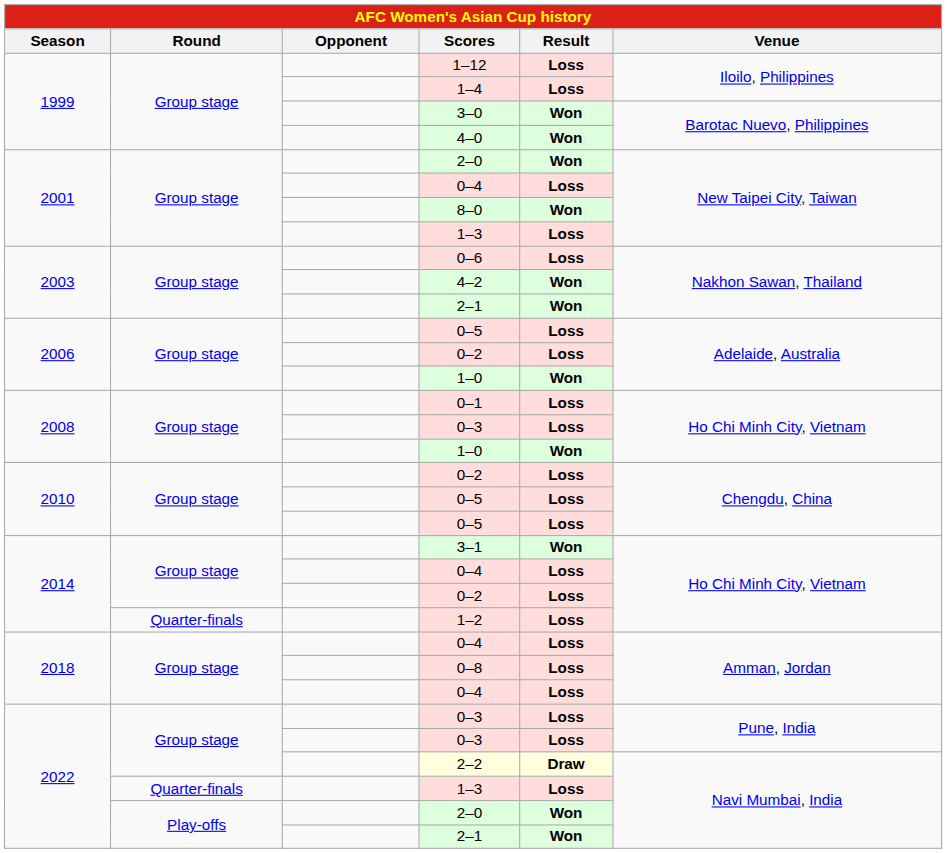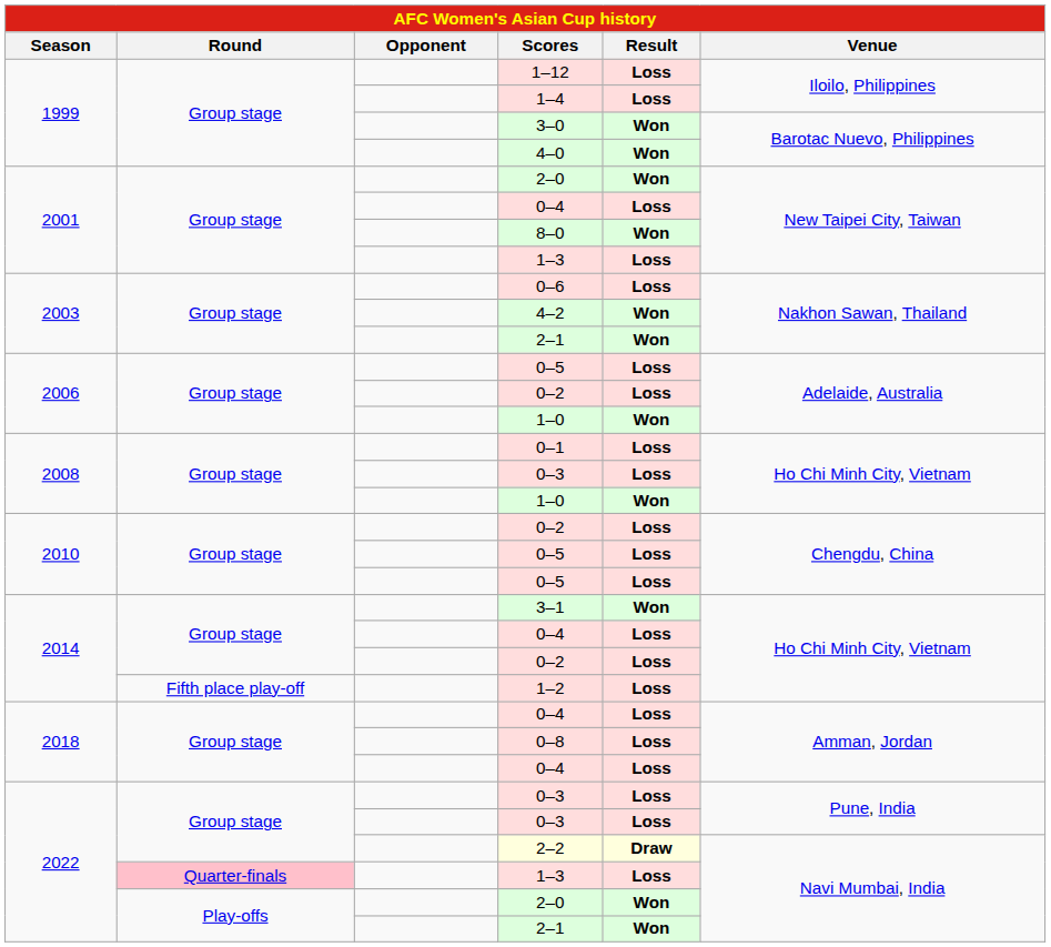 <table class="wikitable collapsible collapsed" style="text-align:center; font-size:90%; width:70%;">
 <tr>
 <th colspan="6" style="background: #DB2017; color: #FFFF00;">AFC Women's Asian Cup history</th>
 </tr>
 <tr>
 <th>Season</th>
 <th>Round</th>
 <th>Opponent</th>
 <th>Scores</th>
 <th>Result</th>
 <th>Venue</th>
 </tr>
 <tr>
 <td rowspan=4><a href='#'>1999</a></td>
 <td rowspan=4><a href='#'>Group stage</a></td>
 <td style="text-align:left"></td>
 <td style="background:#fdd;">1–12</td>
 <td style="background:#fdd;"><strong>Loss</strong></td>
 <td rowspan=2> <a href='#'>Iloilo</a>, <a href='#'>Philippines</a></td>
 </tr>
 <tr>
 <td style="text-align:left"></td>
 <td style="background:#fdd;">1–4</td>
 <td style="background:#fdd;"><strong>Loss</strong></td>
 </tr>
 <tr>
 <td style="text-align:left"></td>
 <td style="background:#dfd;">3–0</td>
 <td style="background:#dfd;"><strong>Won</strong></td>
 <td rowspan=2> <a href='#'>Barotac Nuevo</a>, <a href='#'>Philippines</a></td>
 </tr>
 <tr>
 <td style="text-align:left"></td>
 <td style="background:#dfd;">4–0</td>
 <td style="background:#dfd;"><strong>Won</strong></td>
 </tr>
 <tr>
 <td rowspan=4><a href='#'>2001</a></td>
 <td rowspan=4><a href='#'>Group stage</a></td>
 <td style="text-align:left"></td>
 <td style="background:#dfd;">2–0</td>
 <td style="background:#dfd;"><strong>Won</strong></td>
 <td rowspan=4> <a href='#'>New Taipei City</a>, <a href='#'>Taiwan</a></td>
 </tr>
 <tr>
 <td style="text-align:left"></td>
 <td style="background:#fdd;">0–4</td>
 <td style="background:#fdd;"><strong>Loss</strong></td>
 </tr>
 <tr>
 <td style="text-align:left"></td>
 <td style="background:#dfd;">8–0</td>
 <td style="background:#dfd;"><strong>Won</strong></td>
 </tr>
 <tr>
 <td style="text-align:left"></td>
 <td style="background:#fdd;">1–3</td>
 <td style="background:#fdd;"><strong>Loss</strong></td>
 </tr>
 <tr>
 <td rowspan=3><a href='#'>2003</a></td>
 <td rowspan=3><a href='#'>Group stage</a></td>
 <td style="text-align:left"></td>
 <td style="background:#fdd;">0–6</td>
 <td style="background:#fdd;"><strong>Loss</strong></td>
 <td rowspan=3> <a href='#'>Nakhon Sawan</a>, <a href='#'>Thailand</a></td>
 </tr>
 <tr>
 <td style="text-align:left"></td>
 <td style="background:#dfd;">4–2</td>
 <td style="background:#dfd;"><strong>Won</strong></td>
 </tr>
 <tr>
 <td style="text-align:left"></td>
 <td style="background:#dfd;">2–1</td>
 <td style="background:#dfd;"><strong>Won</strong></td>
 </tr>
 <tr>
 <td rowspan=3><a href='#'>2006</a></td>
 <td rowspan=3><a href='#'>Group stage</a></td>
 <td style="text-align:left"></td>
 <td style="background:#fdd;">0–5</td>
 <td style="background:#fdd;"><strong>Loss</strong></td>
 <td rowspan=3> <a href='#'>Adelaide</a>, <a href='#'>Australia</a></td>
 </tr>
 <tr>
 <td style="text-align:left"></td>
 <td style="background:#fdd;">0–2</td>
 <td style="background:#fdd;"><strong>Loss</strong></td>
 </tr>
 <tr>
 <td style="text-align:left"></td>
 <td style="background:#dfd;">1–0</td>
 <td style="background:#dfd;"><strong>Won</strong></td>
 </tr>
 <tr>
 <td rowspan=3><a href='#'>2008</a></td>
 <td rowspan=3><a href='#'>Group stage</a></td>
 <td style="text-align:left"></td>
 <td style="background:#fdd;">0–1</td>
 <td style="background:#fdd;"><strong>Loss</strong></td>
 <td rowspan=3> <a href='#'>Ho Chi Minh City</a>, <a href='#'>Vietnam</a></td>
 </tr>
 <tr>
 <td style="text-align:left"></td>
 <td style="background:#fdd;">0–3</td>
 <td style="background:#fdd;"><strong>Loss</strong></td>
 </tr>
 <tr>
 <td style="text-align:left"></td>
 <td style="background:#dfd;">1–0</td>
 <td style="background:#dfd;"><strong>Won</strong></td>
 </tr>
 <tr>
 <td rowspan=3><a href='#'>2010</a></td>
 <td rowspan=3><a href='#'>Group stage</a></td>
 <td style="text-align:left"></td>
 <td style="background:#fdd;">0–2</td>
 <td style="background:#fdd;"><strong>Loss</strong></td>
 <td rowspan=3> <a href='#'>Chengdu</a>, <a href='#'>China</a></td>
 </tr>
 <tr>
 <td style="text-align:left"></td>
 <td style="background:#fdd;">0–5</td>
 <td style="background:#fdd;"><strong>Loss</strong></td>
 </tr>
 <tr>
 <td style="text-align:left"></td>
 <td style="background:#fdd;">0–5</td>
 <td style="background:#fdd;"><strong>Loss</strong></td>
 </tr>
 <tr>
 <td rowspan=4><a href='#'>2014</a></td>
 <td rowspan=3><a href='#'>Group stage</a></td>
 <td style="text-align:left"></td>
 <td style="background:#dfd;">3–1</td>
 <td style="background:#dfd;"><strong>Won</strong></td>
 <td rowspan=4> <a href='#'>Ho Chi Minh City</a>, <a href='#'>Vietnam</a></td>
 </tr>
 <tr>
 <td style="text-align:left"></td>
 <td style="background:#fdd;">0–4</td>
 <td style="background:#fdd;"><strong>Loss</strong></td>
 </tr>
 <tr>
 <td style="text-align:left"></td>
 <td style="background:#fdd;">0–2</td>
 <td style="background:#fdd;"><strong>Loss</strong></td>
 </tr>
 <tr>
-<td rowspan=1><a href='#'>Quarter-finals</a></td>
+<td rowspan=1><a href='#'>Fifth place play-off</a></td>
 <td style="text-align:left"></td>
 <td style="background:#fdd;">1–2</td>
 <td style="background:#fdd;"><strong>Loss</strong></td>
 </tr>
 <tr>
 <td rowspan=3><a href='#'>2018</a></td>
 <td rowspan=3><a href='#'>Group stage</a></td>
 <td style="text-align:left"></td>
 <td style="background:#fdd;">0–4</td>
 <td style="background:#fdd;"><strong>Loss</strong></td>
 <td rowspan=3> <a href='#'>Amman</a>, <a href='#'>Jordan</a></td>
 </tr>
 <tr>
 <td style="text-align:left"></td>
 <td style="background:#fdd;">0–8</td>
 <td style="background:#fdd;"><strong>Loss</strong></td>
 </tr>
 <tr>
 <td style="text-align:left"></td>
 <td style="background:#fdd;">0–4</td>
 <td style="background:#fdd;"><strong>Loss</strong></td>
 </tr>
 <tr>
 <td rowspan=6><a href='#'>2022</a></td>
 <td rowspan=3><a href='#'>Group stage</a></td>
 <td style="text-align:left"></td>
 <td style="background:#fdd;">0–3</td>
 <td style="background:#fdd;"><strong>Loss</strong></td>
 <td rowspan=2> <a href='#'>Pune</a>, <a href='#'>India</a></td>
 </tr>
 <tr>
 <td style="text-align:left"></td>
 <td style="background:#fdd;">0–3</td>
 <td style="background:#fdd;"><strong>Loss</strong></td>
 </tr>
 <tr>
 <td style="text-align:left"></td>
 <td style="background:#ffd;">2–2</td>
 <td style="background:#ffd;"><strong>Draw</strong></td>
 <td rowspan=4> <a href='#'>Navi Mumbai</a>, <a href='#'>India</a></td>
 </tr>
 <tr>
-<td rowspan=1><a href='#'>Quarter-finals</a></td>
+<td rowspan=1 style="background: pink;"><a href='#'>Quarter-finals</a></td>
 <td style="text-align:left"></td>
 <td style="background:#fdd;">1–3</td>
 <td style="background:#fdd;"><strong>Loss</strong></td>
 </tr>
 <tr>
 <td rowspan=2><a href='#'>Play-offs</a></td>
 <td style="text-align:left"></td>
 <td style="background:#dfd;">2–0</td>
 <td style="background:#dfd;"><strong>Won</strong></td>
 </tr>
 <tr>
 <td style="text-align:left"></td>
 <td style="background:#dfd;">2–1</td>
 <td style="background:#dfd;"><strong>Won</strong></td>
 </tr>
 </table>
